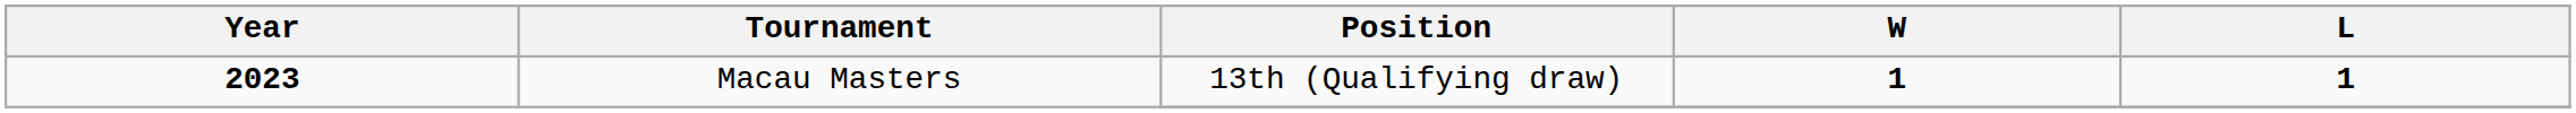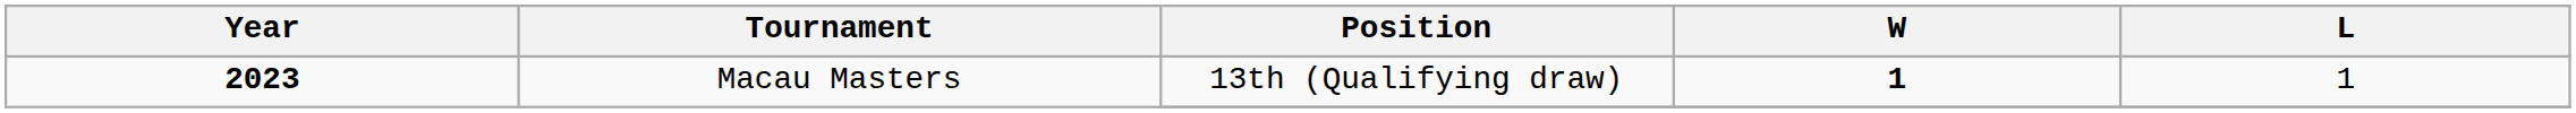 <table class="wikitable"  style="text-align:center; font-size:95%; width:80%;">
 <tr>
 <th width=20%>Year</th>
 <th width=25%>Tournament</th>
 <th width=20%>Position</th>
 <th width=20px>W</th>
 <th width=20px>L</th>
 </tr>
 <tr>
 <td rowspan=2><strong>2023</strong></td>
 <td rowspan=2>Macau Masters</td>
 <td>13th (Qualifying draw)</td>
 <td><strong>1</strong></td>
-<td><strong>1</strong></td>
+<td>1</td>
 </tr>
 <tr>
 </tr>
 </table>
